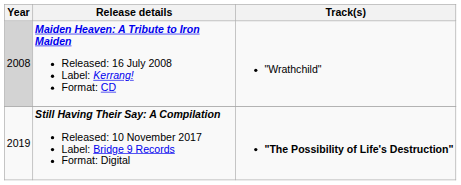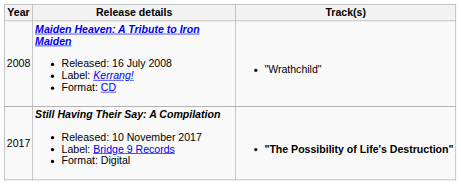 <table class ="wikitable">
 <tr>
 <th>Year</th>
 <th style="width:300px;">Release details</th>
 <th>Track(s)</th>
 </tr>
 <tr>
-<td style="background: lightgrey;">2008</td>
+<td>2008</td>
 <td><strong><em><a href='#'>Maiden Heaven: A Tribute to Iron Maiden</a></em></strong><br><ul><li>Released: 16 July 2008</li><li>Label: <em><a href='#'>Kerrang!</a></em></li><li>Format: <a href='#'>CD</a></li></ul></td>
 <td><br><ul><li>"Wrathchild"<br></li></ul></td>
 </tr>
 <tr>
 </tr>
 <tr>
-<td>2019</td>
+<td>2017</td>
 <td><strong><em>Still Having Their Say: A Compilation</em></strong><br><ul><li>Released: 10 November 2017</li><li>Label: <a href='#'>Bridge 9 Records</a></li><li>Format: Digital</li></ul></td>
 <td><strong><br><ul><li>"The Possibility of Life's Destruction"<br></li></ul></strong></td>
 </tr>
 </table>
